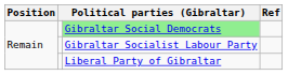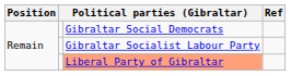 <table class="wikitable">
 <tr>
 <th>Position</th>
 <th colspan=2>Political parties (Gibraltar)</th>
 <th>Ref</th>
 </tr>
 <tr>
 <td rowspan="3">Remain</td>
 <td style="background-color: "></td>
-<td style="background: lightgreen;"><a href='#'>Gibraltar Social Democrats</a></td>
+<td><a href='#'>Gibraltar Social Democrats</a></td>
 <td></td>
 </tr>
 <tr>
 <td style="background-color: "></td>
 <td><a href='#'>Gibraltar Socialist Labour Party</a></td>
 <td></td>
 </tr>
 <tr>
 <td style="background-color: "></td>
-<td><a href='#'>Liberal Party of Gibraltar</a></td>
+<td style="background: lightsalmon;"><a href='#'>Liberal Party of Gibraltar</a></td>
 <td></td>
 </tr>
 </table>
